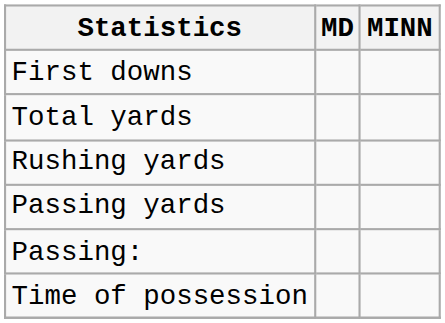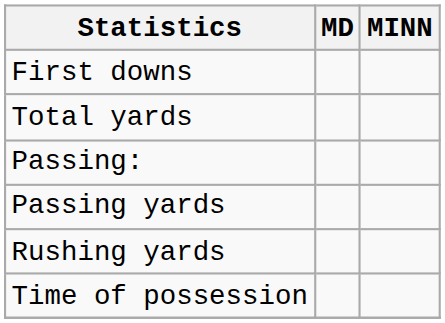 <table class="wikitable" style="float: left;">
 <tr>
 <th>Statistics</th>
 <th>MD</th>
 <th>MINN</th>
 </tr>
 <tr>
 <td>First downs</td>
 <td></td>
 <td></td>
 </tr>
 <tr>
 <td>Total yards</td>
 <td></td>
 <td></td>
 </tr>
 <tr>
-<td>Rushing yards</td>
+<td>Passing:</td>
 <td></td>
 <td></td>
 </tr>
 <tr>
 <td>Passing yards</td>
 <td></td>
 <td></td>
 </tr>
 <tr>
-<td>Passing:</td>
+<td>Rushing yards</td>
 <td></td>
 <td></td>
 </tr>
 <tr>
 <td>Time of possession</td>
 <td></td>
 <td></td>
 </tr>
 <tr>
 </tr>
 </table>
